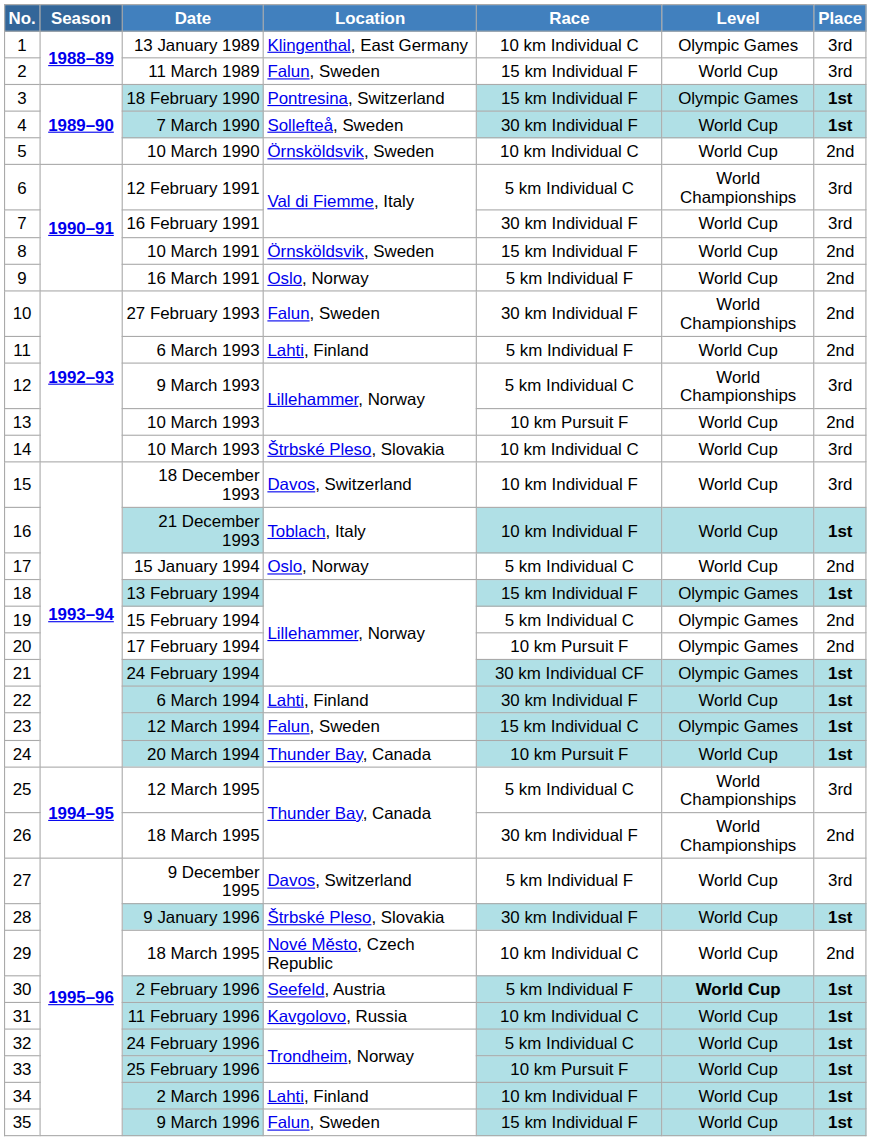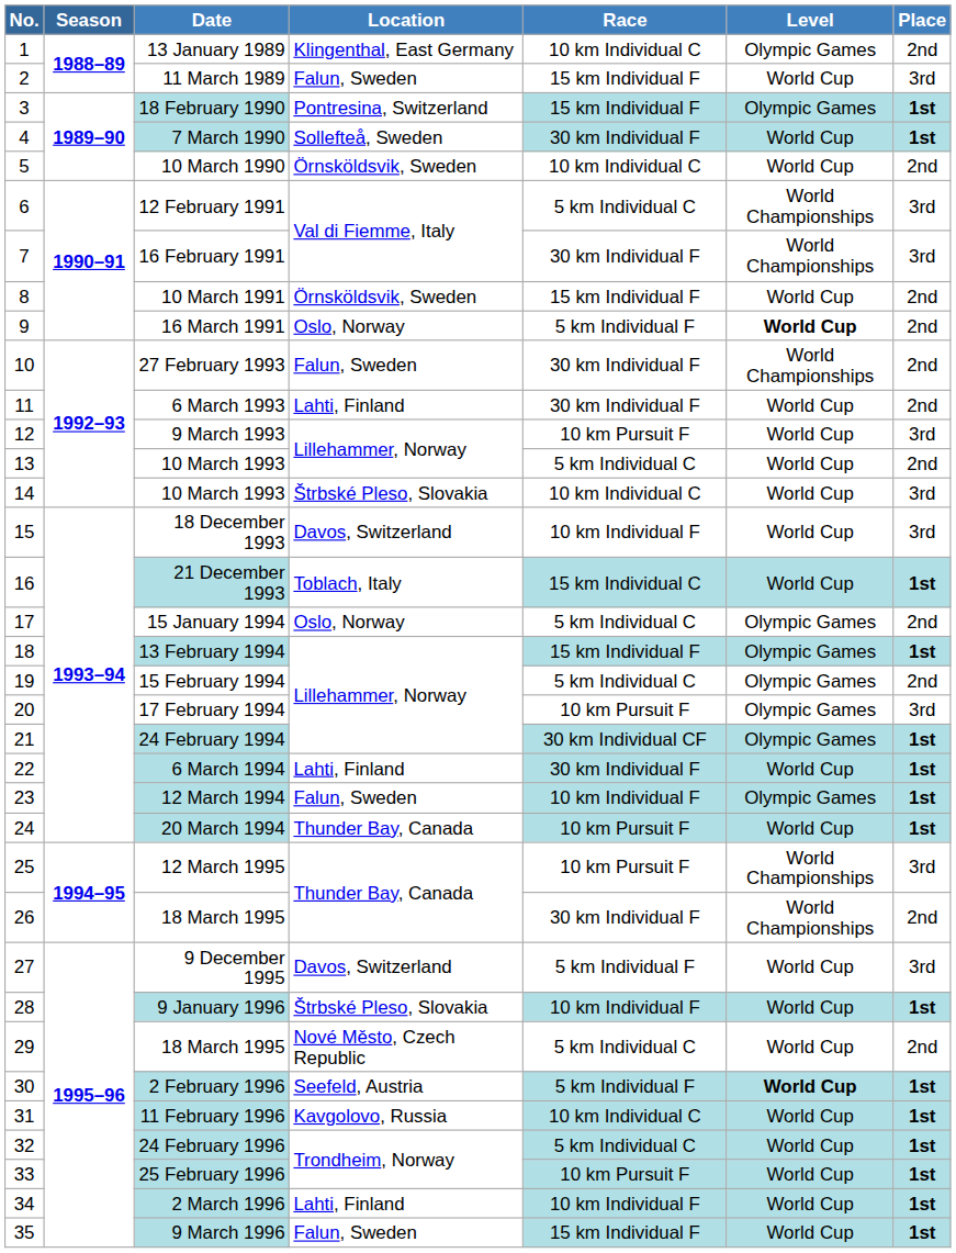 <table class="wikitable sortable" style="font-size:95%; text-align:center; border:grey solid 1px; border-collapse:collapse; background:#ffffff;">
 <tr style="background:#efefef;">
 <th style="background-color:#369; color:white;">No.</th>
 <th style="background-color:#369; color:white;">Season</th>
 <th style="background-color:#4180be; color:white; width:120px;">Date</th>
 <th style="background-color:#4180be; color:white; width:185px;">Location</th>
 <th style="background-color:#4180be; color:white; width:160px;">Race</th>
 <th style="background-color:#4180be; color:white; width:130px;">Level</th>
 <th style="background-color:#4180be; color:white;">Place</th>
 </tr>
 <tr>
 <td align=center>1</td>
 <td rowspan=2 align=center><strong> <a href='#'>1988–89</a> </strong></td>
 <td align=right>13 January 1989</td>
 <td align=left> <a href='#'>Klingenthal</a>, East Germany</td>
 <td>10 km Individual C</td>
 <td>Olympic Games</td>
-<td>3rd</td>
+<td>2nd</td>
 </tr>
 <tr>
 <td align=center>2</td>
 <td align=right>11 March 1989</td>
 <td align=left> <a href='#'>Falun</a>, Sweden</td>
 <td>15 km Individual F</td>
 <td>World Cup</td>
 <td>3rd</td>
 </tr>
 <tr>
 <td align=center>3</td>
 <td rowspan=3 align=center><strong><a href='#'>1989–90</a></strong></td>
 <td bgcolor="#BOEOE6" align=right>18 February 1990</td>
 <td align=left> <a href='#'>Pontresina</a>, Switzerland</td>
 <td bgcolor="#BOEOE6">15 km Individual F</td>
 <td bgcolor="#BOEOE6">Olympic Games</td>
 <td bgcolor="#BOEOE6"><strong>1st</strong></td>
 </tr>
 <tr>
 <td align=center>4</td>
 <td bgcolor="#BOEOE6" align=right>7 March 1990</td>
 <td align=left> <a href='#'>Sollefteå</a>, Sweden</td>
 <td bgcolor="#BOEOE6">30 km Individual F</td>
 <td bgcolor="#BOEOE6">World Cup</td>
 <td bgcolor="#BOEOE6"><strong>1st</strong></td>
 </tr>
 <tr>
 <td align=center>5</td>
 <td align=right>10 March 1990</td>
 <td align=left> <a href='#'>Örnsköldsvik</a>, Sweden</td>
 <td>10 km Individual C</td>
 <td>World Cup</td>
 <td>2nd</td>
 </tr>
 <tr>
 <td align=center>6</td>
 <td rowspan=4 align=center><strong> <a href='#'>1990–91</a> </strong></td>
 <td align=right>12 February 1991</td>
 <td rowspan=2 align=left> <a href='#'>Val di Fiemme</a>, Italy</td>
 <td>5 km Individual C</td>
 <td>World Championships</td>
 <td>3rd</td>
 </tr>
 <tr>
 <td align=center>7</td>
 <td align=right>16 February 1991</td>
 <td>30 km Individual F</td>
-<td>World Cup</td>
+<td>World Championships</td>
 <td>3rd</td>
 </tr>
 <tr>
 <td align=center>8</td>
 <td align=right>10 March 1991</td>
 <td align=left> <a href='#'>Örnsköldsvik</a>, Sweden</td>
 <td>15 km Individual F</td>
 <td>World Cup</td>
 <td>2nd</td>
 </tr>
 <tr>
 <td align=center>9</td>
 <td align=right>16 March 1991</td>
 <td align=left> <a href='#'>Oslo</a>, Norway</td>
 <td>5 km Individual F</td>
-<td>World Cup</td>
+<td><strong>World Cup</strong></td>
 <td>2nd</td>
 </tr>
 <tr>
 <td align=center>10</td>
 <td rowspan=5 align=center><strong> <a href='#'>1992–93</a> </strong></td>
 <td align=right>27 February 1993</td>
 <td align=left> <a href='#'>Falun</a>, Sweden</td>
 <td>30 km Individual F</td>
 <td>World Championships</td>
 <td>2nd</td>
 </tr>
 <tr>
 <td align=center>11</td>
 <td align=right>6 March 1993</td>
 <td align=left> <a href='#'>Lahti</a>, Finland</td>
-<td>5 km Individual F</td>
+<td>30 km Individual F</td>
 <td>World Cup</td>
 <td>2nd</td>
 </tr>
 <tr>
 <td align=center>12</td>
 <td align=right>9 March 1993</td>
 <td rowspan=2 align=left> <a href='#'>Lillehammer</a>, Norway</td>
-<td>5 km Individual C</td>
-<td>World Championships</td>
+<td>10 km Pursuit F</td>
+<td>World Cup</td>
 <td>3rd</td>
 </tr>
 <tr>
 <td align=center>13</td>
 <td align=right>10 March 1993</td>
-<td>10 km Pursuit F</td>
+<td>5 km Individual C</td>
 <td>World Cup</td>
 <td>2nd</td>
 </tr>
 <tr>
 <td align=center>14</td>
 <td align=right>10 March 1993</td>
 <td align=left> <a href='#'>Štrbské Pleso</a>, Slovakia</td>
 <td>10 km Individual C</td>
 <td>World Cup</td>
 <td>3rd</td>
 </tr>
 <tr>
 <td align=center>15</td>
 <td rowspan=10 align=center><strong> <a href='#'>1993–94</a> </strong></td>
 <td align=right>18 December 1993</td>
 <td align=left> <a href='#'>Davos</a>, Switzerland</td>
 <td>10 km Individual F</td>
 <td>World Cup</td>
 <td>3rd</td>
 </tr>
 <tr>
 <td align=center>16</td>
 <td bgcolor="#BOEOE6" align=right>21 December 1993</td>
 <td align=left> <a href='#'>Toblach</a>, Italy</td>
-<td bgcolor="#BOEOE6">10 km Individual F</td>
+<td bgcolor="#BOEOE6">15 km Individual C</td>
 <td bgcolor="#BOEOE6">World Cup</td>
 <td bgcolor="#BOEOE6"><strong>1st</strong></td>
 </tr>
 <tr>
 <td align=center>17</td>
 <td align=right>15 January 1994</td>
 <td align=left> <a href='#'>Oslo</a>, Norway</td>
 <td>5 km Individual C</td>
-<td>World Cup</td>
+<td>Olympic Games</td>
 <td>2nd</td>
 </tr>
 <tr>
 <td align=center>18</td>
 <td bgcolor="#BOEOE6" align=right>13 February 1994</td>
 <td rowspan=4 align=left> <a href='#'>Lillehammer</a>, Norway</td>
 <td bgcolor="#BOEOE6">15 km Individual F</td>
 <td bgcolor="#BOEOE6">Olympic Games</td>
 <td bgcolor="#BOEOE6"><strong>1st</strong></td>
 </tr>
 <tr>
 <td align=center>19</td>
 <td align=right>15 February 1994</td>
 <td>5 km Individual C</td>
 <td>Olympic Games</td>
 <td>2nd</td>
 </tr>
 <tr>
 <td align=center>20</td>
 <td align=right>17 February 1994</td>
 <td>10 km Pursuit F</td>
 <td>Olympic Games</td>
-<td>2nd</td>
+<td>3rd</td>
 </tr>
 <tr>
 <td align=center>21</td>
 <td bgcolor="#BOEOE6" align=right>24 February 1994</td>
 <td bgcolor="#BOEOE6">30 km Individual CF</td>
 <td bgcolor="#BOEOE6">Olympic Games</td>
 <td bgcolor="#BOEOE6"><strong>1st</strong></td>
 </tr>
 <tr>
 <td align=center>22</td>
 <td bgcolor="#BOEOE6" align=right>6 March 1994</td>
 <td align=left> <a href='#'>Lahti</a>, Finland</td>
 <td bgcolor="#BOEOE6">30 km Individual F</td>
 <td bgcolor="#BOEOE6">World Cup</td>
 <td bgcolor="#BOEOE6"><strong>1st</strong></td>
 </tr>
 <tr>
 <td align=center>23</td>
 <td bgcolor="#BOEOE6" align=right>12 March 1994</td>
 <td align=left> <a href='#'>Falun</a>, Sweden</td>
-<td bgcolor="#BOEOE6">15 km Individual C</td>
+<td bgcolor="#BOEOE6">10 km Individual F</td>
 <td bgcolor="#BOEOE6">Olympic Games</td>
 <td bgcolor="#BOEOE6"><strong>1st</strong></td>
 </tr>
 <tr>
 <td align=center>24</td>
 <td bgcolor="#BOEOE6" align=right>20 March 1994</td>
 <td align=left> <a href='#'>Thunder Bay</a>, Canada</td>
 <td bgcolor="#BOEOE6">10 km Pursuit F</td>
 <td bgcolor="#BOEOE6">World Cup</td>
 <td bgcolor="#BOEOE6"><strong>1st</strong></td>
 </tr>
 <tr>
 <td align=center>25</td>
 <td rowspan=2 align=center><strong> <a href='#'>1994–95</a> </strong></td>
 <td align=right>12 March 1995</td>
 <td rowspan=2 align=left> <a href='#'>Thunder Bay</a>, Canada</td>
-<td>5 km Individual C</td>
+<td>10 km Pursuit F</td>
 <td>World Championships</td>
 <td>3rd</td>
 </tr>
 <tr>
 <td align=center>26</td>
 <td align=right>18 March 1995</td>
 <td>30 km Individual F</td>
 <td>World Championships</td>
 <td>2nd</td>
 </tr>
 <tr>
 <td align=center>27</td>
 <td rowspan=9 align=center><strong> <a href='#'>1995–96</a> </strong></td>
 <td align=right>9 December 1995</td>
 <td align=left> <a href='#'>Davos</a>, Switzerland</td>
 <td>5 km Individual F</td>
 <td>World Cup</td>
 <td>3rd</td>
 </tr>
 <tr>
 <td align=center>28</td>
 <td bgcolor="#BOEOE6" align=right>9 January 1996</td>
 <td align=left> <a href='#'>Štrbské Pleso</a>, Slovakia</td>
-<td bgcolor="#BOEOE6">30 km Individual F</td>
+<td bgcolor="#BOEOE6">10 km Individual F</td>
 <td bgcolor="#BOEOE6">World Cup</td>
 <td bgcolor="#BOEOE6"><strong>1st</strong></td>
 </tr>
 <tr>
 <td align=center>29</td>
 <td align=right>18 March 1995</td>
 <td align=left> <a href='#'>Nové Město</a>, Czech Republic</td>
-<td>10 km Individual C</td>
+<td>5 km Individual C</td>
 <td>World Cup</td>
 <td>2nd</td>
 </tr>
 <tr>
 <td align=center>30</td>
 <td bgcolor="#BOEOE6" align=right>2 February 1996</td>
 <td align=left> <a href='#'>Seefeld</a>, Austria</td>
 <td bgcolor="#BOEOE6">5 km Individual F</td>
 <td bgcolor="#BOEOE6"><strong>World Cup</strong></td>
 <td bgcolor="#BOEOE6"><strong>1st</strong></td>
 </tr>
 <tr>
 <td align=center>31</td>
 <td bgcolor="#BOEOE6" align=right>11 February 1996</td>
 <td align=left> <a href='#'>Kavgolovo</a>, Russia</td>
 <td bgcolor="#BOEOE6">10 km Individual C</td>
 <td bgcolor="#BOEOE6">World Cup</td>
 <td bgcolor="#BOEOE6"><strong>1st</strong></td>
 </tr>
 <tr>
 <td align=center>32</td>
 <td bgcolor="#BOEOE6" align=right>24 February 1996</td>
 <td rowspan=2 align=left> <a href='#'>Trondheim</a>, Norway</td>
 <td bgcolor="#BOEOE6">5 km Individual C</td>
 <td bgcolor="#BOEOE6">World Cup</td>
 <td bgcolor="#BOEOE6"><strong>1st</strong></td>
 </tr>
 <tr>
 <td align=center>33</td>
 <td bgcolor="#BOEOE6" align=right>25 February 1996</td>
 <td bgcolor="#BOEOE6">10 km Pursuit F</td>
 <td bgcolor="#BOEOE6">World Cup</td>
 <td bgcolor="#BOEOE6"><strong>1st</strong></td>
 </tr>
 <tr>
 <td align=center>34</td>
 <td bgcolor="#BOEOE6" align=right>2 March 1996</td>
 <td align=left> <a href='#'>Lahti</a>, Finland</td>
 <td bgcolor="#BOEOE6">10 km Individual F</td>
 <td bgcolor="#BOEOE6">World Cup</td>
 <td bgcolor="#BOEOE6"><strong>1st</strong></td>
 </tr>
 <tr>
 <td align=center>35</td>
 <td bgcolor="#BOEOE6" align=right>9 March 1996</td>
 <td align=left> <a href='#'>Falun</a>, Sweden</td>
 <td bgcolor="#BOEOE6">15 km Individual F</td>
 <td bgcolor="#BOEOE6">World Cup</td>
 <td bgcolor="#BOEOE6"><strong>1st</strong></td>
 </tr>
 </table>
